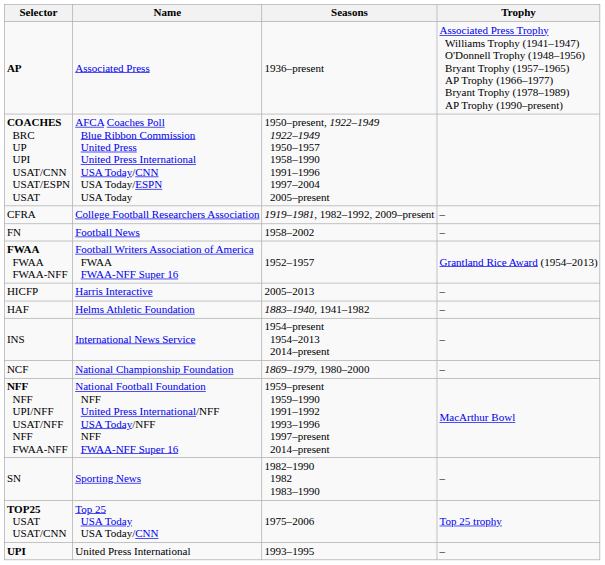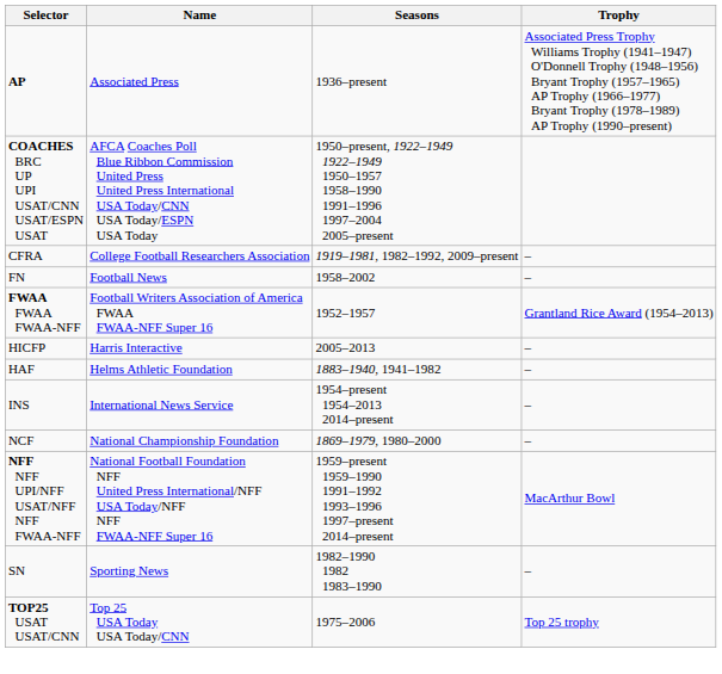 <table class="wikitable">
 <tr>
 <th width=px>Selector</th>
 <th width=px>Name</th>
 <th width=px>Seasons</th>
 <th width=px>Trophy</th>
 </tr>
 <tr>
 <td><strong>AP</strong></td>
 <td><a href='#'>Associated Press</a></td>
 <td>1936–present</td>
 <td><a href='#'>Associated Press Trophy</a><br>  Williams Trophy (1941–1947)<br>  O'Donnell Trophy (1948–1956)<br>  Bryant Trophy (1957–1965)<br>  AP Trophy (1966–1977)<br>  Bryant Trophy (1978–1989)<br>  AP Trophy (1990–present)</td>
 </tr>
 <tr>
 <td><strong>COACHES</strong><br>  BRC<br>  UP<br>  UPI<br>  USAT/CNN<br>  USAT/ESPN<br>  USAT</td>
 <td><a href='#'>AFCA</a> <a href='#'>Coaches Poll</a><br>  <a href='#'>Blue Ribbon Commission</a><br>  <a href='#'>United Press</a><br>  <a href='#'>United Press International</a><br>  <a href='#'>USA Today</a>/<a href='#'>CNN</a><br>  USA Today/<a href='#'>ESPN</a><br>  USA Today</td>
 <td>1950–present, <em>1922–1949</em><br>  <em>1922–1949</em><br>  1950–1957<br>  1958–1990<br>  1991–1996<br>  1997–2004<br>  2005–present</td>
 <td><br><br></td>
 </tr>
 <tr>
 <td>CFRA</td>
 <td><a href='#'>College Football Researchers Association</a></td>
 <td><em>1919–1981</em>, 1982–1992, 2009–present</td>
 <td>–</td>
 </tr>
 <tr>
 <td>FN</td>
 <td><a href='#'>Football News</a></td>
 <td>1958–2002</td>
 <td>–</td>
 </tr>
 <tr>
 <td><strong>FWAA</strong><br>  FWAA<br>  FWAA-NFF</td>
 <td><a href='#'>Football Writers Association of America</a><br>  FWAA<br>  <a href='#'>FWAA-NFF Super 16</a></td>
 <td>1952–1957</td>
 <td><a href='#'>Grantland Rice Award</a> (1954–2013)</td>
 </tr>
 <tr>
 <td>HICFP</td>
 <td><a href='#'>Harris Interactive</a></td>
 <td>2005–2013</td>
 <td>–</td>
 </tr>
 <tr>
 <td>HAF</td>
 <td><a href='#'>Helms Athletic Foundation</a></td>
 <td><em>1883–1940</em>, 1941–1982</td>
 <td>–</td>
 </tr>
 <tr>
 <td>INS</td>
 <td><a href='#'>International News Service</a></td>
 <td>1954–present<br>  1954–2013<br>  2014–present</td>
 <td>–</td>
 </tr>
 <tr>
 <td>NCF</td>
 <td><a href='#'>National Championship Foundation</a></td>
 <td><em>1869–1979</em>, 1980–2000</td>
 <td>–</td>
 </tr>
 <tr>
 <td><strong>NFF</strong><br>  NFF<br>  UPI/NFF<br>  USAT/NFF<br>  NFF<br>  FWAA-NFF</td>
 <td><a href='#'>National Football Foundation</a><br>  NFF<br>  <a href='#'>United Press International</a>/NFF<br>  <a href='#'>USA Today</a>/NFF<br>  NFF<br>  <a href='#'>FWAA-NFF Super 16</a></td>
 <td>1959–present<br>  1959–1990<br>  1991–1992<br>  1993–1996<br>  1997–present<br>  2014–present</td>
 <td><a href='#'>MacArthur Bowl</a></td>
 </tr>
 <tr>
 <td>SN</td>
 <td><a href='#'>Sporting News</a></td>
 <td>1982–1990<br>  1982<br>  1983–1990</td>
 <td>–</td>
 </tr>
 <tr>
 <td><strong>TOP25</strong><br>  USAT<br>  USAT/CNN</td>
 <td><a href='#'>Top 25</a><br>  <a href='#'>USA Today</a><br>  USA Today/<a href='#'>CNN</a></td>
 <td>1975–2006</td>
 <td><a href='#'>Top 25 trophy</a></td>
 </tr>
-<tr>
-<td><strong>UPI</strong></td>
-<td>United Press International</td>
-<td>1993–1995</td>
-<td>–</td>
-</tr>
 </table>
